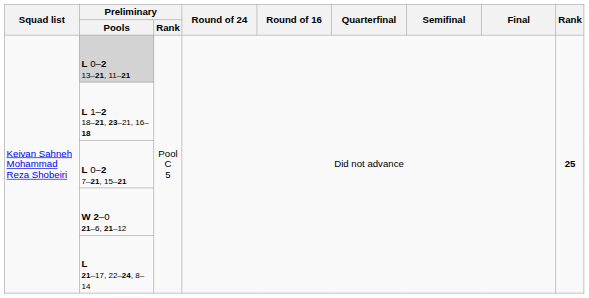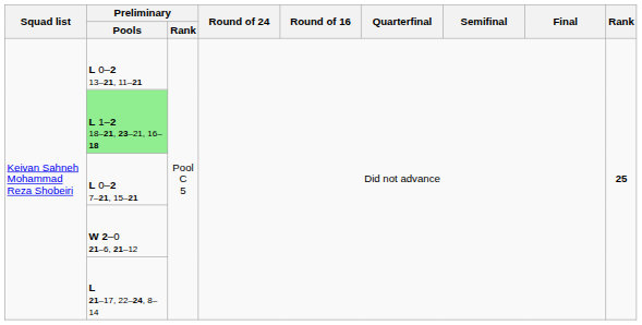 <table class="wikitable" width="98%" style="text-align:left; font-size:90%">
 <tr>
 <th rowspan="2" width="13%">Squad list</th>
 <th colspan="2">Preliminary</th>
 <th rowspan="2" width="13%">Round of 24</th>
 <th rowspan="2" width="13%">Round of 16</th>
 <th rowspan="2" width="13%">Quarterfinal</th>
 <th rowspan="2" width="13%">Semifinal</th>
 <th rowspan="2" width="13%">Final</th>
 <th rowspan="2" width="4%">Rank</th>
 </tr>
 <tr>
 <th width="13%">Pools</th>
 <th width="4%">Rank</th>
 </tr>
 <tr>
 <td rowspan="5"><a href='#'>Keivan Sahneh</a><br><a href='#'>Mohammad Reza Shobeiri</a></td>
-<td style="background: lightgrey;"><br><br><strong>L</strong> 0–<strong>2</strong><br><small>13–<strong>21</strong>, 11–<strong>21</strong></small></td>
+<td><br><br><strong>L</strong> 0–<strong>2</strong><br><small>13–<strong>21</strong>, 11–<strong>21</strong></small></td>
 <td rowspan="5" align=center>Pool C<br>5</td>
 <td rowspan="5" colspan=5 align=center>Did not advance</td>
 <td rowspan="5" align="center"><strong>25</strong></td>
 </tr>
 <tr>
-<td><br><br><strong>L</strong> 1–<strong>2</strong><br><small>18–<strong>21</strong>, <strong>23</strong>–21, 16–<strong>18</strong></small></td>
+<td style="background: lightgreen;"><br><br><strong>L</strong> 1–<strong>2</strong><br><small>18–<strong>21</strong>, <strong>23</strong>–21, 16–<strong>18</strong></small></td>
 </tr>
 <tr>
 <td><br><br><strong>L</strong> 0–<strong>2</strong><br><small>7–<strong>21</strong>, 15–<strong>21</strong></small></td>
 </tr>
 <tr>
 <td><br><br><strong>W</strong> <strong>2</strong>–0<br><small><strong>21</strong>–6, <strong>21</strong>–12</small></td>
 </tr>
 <tr>
 <td><br><br><strong>L</strong> <br><small><strong>21</strong>–17, 22–<strong>24</strong>, 8–14</small></td>
 </tr>
 </table>
